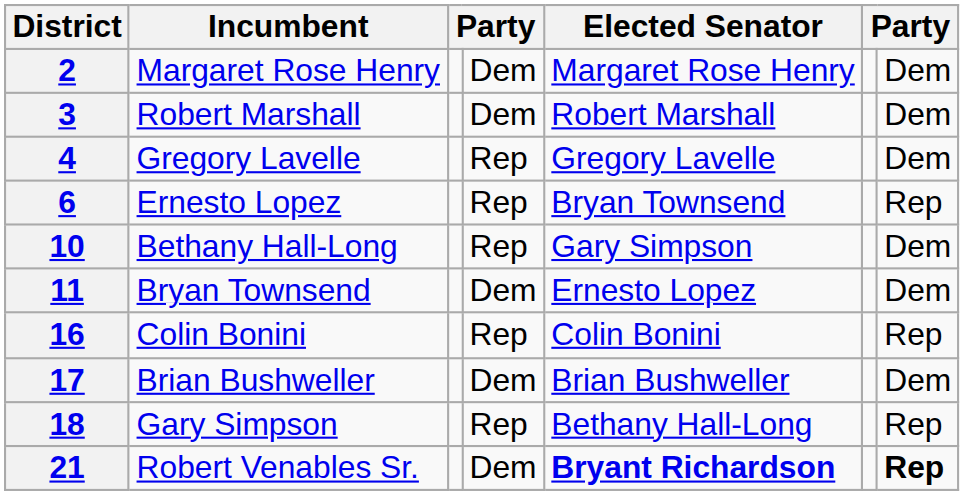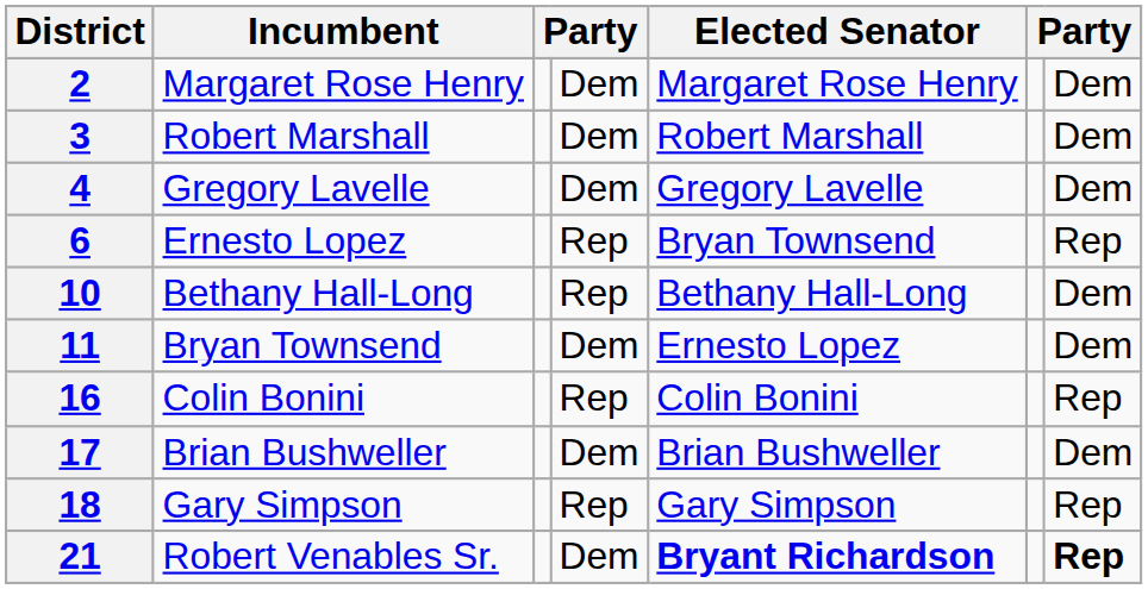 <table class="sortable wikitable" style="font-size:95%;line-height:14px;">
 <tr>
 <th colspan="1">District</th>
 <th class="unsortable">Incumbent</th>
 <th colspan="2">Party</th>
 <th class="unsortable">Elected Senator</th>
 <th colspan="2">Party</th>
 </tr>
 <tr>
 <th><a href='#'>2</a></th>
 <td><a href='#'>Margaret Rose Henry</a></td>
 <td style="background:"></td>
 <td>Dem</td>
 <td><a href='#'>Margaret Rose Henry</a></td>
 <td style="background:"></td>
 <td>Dem</td>
 </tr>
 <tr>
 <th><a href='#'>3</a></th>
 <td><a href='#'>Robert Marshall</a></td>
 <td style="background:"></td>
 <td>Dem</td>
 <td><a href='#'>Robert Marshall</a></td>
 <td style="background:"></td>
 <td>Dem</td>
 </tr>
 <tr>
 <th><a href='#'>4</a></th>
 <td><a href='#'>Gregory Lavelle</a></td>
 <td style="background:"></td>
-<td>Rep</td>
+<td>Dem</td>
 <td><a href='#'>Gregory Lavelle</a></td>
 <td style="background:"></td>
 <td>Dem</td>
 </tr>
 <tr>
 <th><a href='#'>6</a></th>
 <td><a href='#'>Ernesto Lopez</a></td>
 <td style="background:"></td>
 <td>Rep</td>
 <td><a href='#'>Bryan Townsend</a></td>
 <td style="background:"></td>
 <td>Rep</td>
 </tr>
 <tr>
 <th><a href='#'>10</a></th>
 <td><a href='#'>Bethany Hall-Long</a></td>
 <td style="background:"></td>
 <td>Rep</td>
-<td><a href='#'>Gary Simpson</a></td>
+<td><a href='#'>Bethany Hall-Long</a></td>
 <td style="background:"></td>
 <td>Dem</td>
 </tr>
 <tr>
 <th><a href='#'>11</a></th>
 <td><a href='#'>Bryan Townsend</a></td>
 <td style="background:"></td>
 <td>Dem</td>
 <td><a href='#'>Ernesto Lopez</a></td>
 <td style="background:"></td>
 <td>Dem</td>
 </tr>
 <tr>
 <th><a href='#'>16</a></th>
 <td><a href='#'>Colin Bonini</a></td>
 <td style="background:"></td>
 <td>Rep</td>
 <td><a href='#'>Colin Bonini</a></td>
 <td style="background:"></td>
 <td>Rep</td>
 </tr>
 <tr>
 <th><a href='#'>17</a></th>
 <td><a href='#'>Brian Bushweller</a></td>
 <td style="background:"></td>
 <td>Dem</td>
 <td><a href='#'>Brian Bushweller</a></td>
 <td style="background:"></td>
 <td>Dem</td>
 </tr>
 <tr>
 <th><a href='#'>18</a></th>
 <td><a href='#'>Gary Simpson</a></td>
 <td style="background:"></td>
 <td>Rep</td>
-<td><a href='#'>Bethany Hall-Long</a></td>
+<td><a href='#'>Gary Simpson</a></td>
 <td style="background:"></td>
 <td>Rep</td>
 </tr>
 <tr>
 <th><a href='#'>21</a></th>
 <td><a href='#'>Robert Venables Sr.</a></td>
 <td style="background:"></td>
 <td>Dem</td>
 <td><strong><a href='#'>Bryant Richardson</a></strong></td>
 <td style="background:"></td>
 <td><strong>Rep</strong></td>
 </tr>
 </table>
